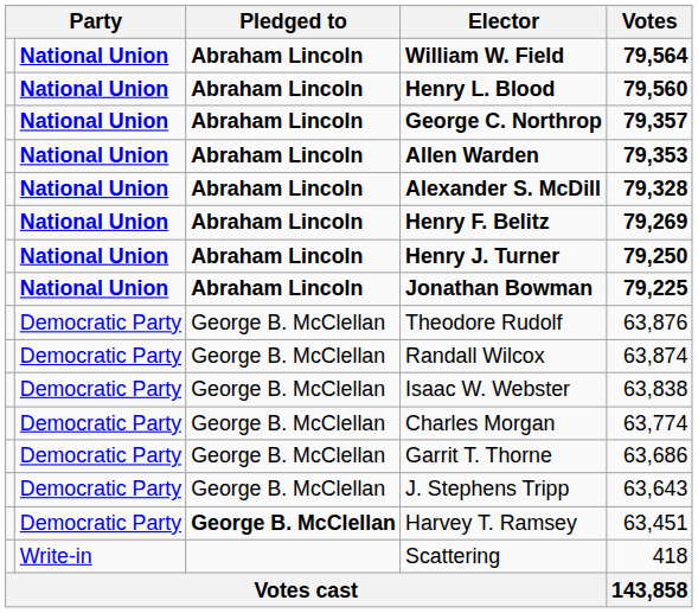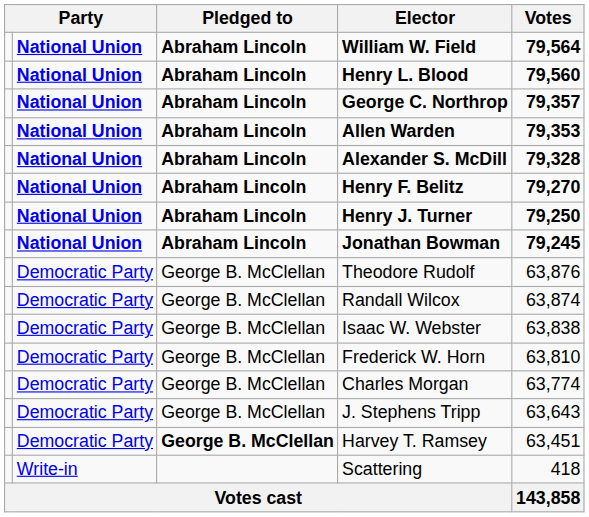 <table class="wikitable">
 <tr>
 <th colspan=2>Party</th>
 <th>Pledged to</th>
 <th>Elector</th>
 <th>Votes</th>
 </tr>
 <tr style="font-weight:bold">
 <td></td>
 <td><a href='#'>National Union</a></td>
 <td>Abraham Lincoln</td>
 <td>William W. Field</td>
 <td align="right">79,564</td>
 </tr>
 <tr style="font-weight:bold">
 <td></td>
 <td><a href='#'>National Union</a></td>
 <td>Abraham Lincoln</td>
 <td>Henry L. Blood</td>
 <td align="right">79,560</td>
 </tr>
 <tr style="font-weight:bold">
 <td></td>
 <td><a href='#'>National Union</a></td>
 <td>Abraham Lincoln</td>
 <td>George C. Northrop</td>
 <td align="right">79,357</td>
 </tr>
 <tr style="font-weight:bold">
 <td></td>
 <td><a href='#'>National Union</a></td>
 <td>Abraham Lincoln</td>
 <td>Allen Warden</td>
 <td align="right">79,353</td>
 </tr>
 <tr style="font-weight:bold">
 <td></td>
 <td><a href='#'>National Union</a></td>
 <td>Abraham Lincoln</td>
 <td>Alexander S. McDill</td>
 <td align="right">79,328</td>
 </tr>
 <tr style="font-weight:bold">
 <td></td>
 <td><a href='#'>National Union</a></td>
 <td>Abraham Lincoln</td>
 <td>Henry F. Belitz</td>
-<td align="right">79,269</td>
+<td align="right">79,270</td>
 </tr>
 <tr style="font-weight:bold">
 <td></td>
 <td><a href='#'>National Union</a></td>
 <td>Abraham Lincoln</td>
 <td>Henry J. Turner</td>
 <td align="right">79,250</td>
 </tr>
 <tr style="font-weight:bold">
 <td></td>
 <td><a href='#'>National Union</a></td>
 <td>Abraham Lincoln</td>
 <td>Jonathan Bowman</td>
-<td align="right">79,225</td>
+<td align="right">79,245</td>
 </tr>
 <tr>
 <td></td>
 <td><a href='#'>Democratic Party</a></td>
 <td>George B. McClellan</td>
 <td>Theodore Rudolf</td>
 <td align="right">63,876</td>
 </tr>
 <tr>
 <td></td>
 <td><a href='#'>Democratic Party</a></td>
 <td>George B. McClellan</td>
 <td>Randall Wilcox</td>
 <td align="right">63,874</td>
 </tr>
 <tr>
 <td></td>
 <td><a href='#'>Democratic Party</a></td>
 <td>George B. McClellan</td>
 <td>Isaac W. Webster</td>
 <td align="right">63,838</td>
 </tr>
 <tr>
 <td></td>
 <td><a href='#'>Democratic Party</a></td>
 <td>George B. McClellan</td>
-<td>Charles Morgan</td>
-<td align="right">63,774</td>
+<td>Frederick W. Horn</td>
+<td align="right">63,810</td>
 </tr>
 <tr>
 <td></td>
 <td><a href='#'>Democratic Party</a></td>
 <td>George B. McClellan</td>
-<td>Garrit T. Thorne</td>
-<td align="right">63,686</td>
+<td>Charles Morgan</td>
+<td align="right">63,774</td>
 </tr>
 <tr>
 <td></td>
 <td><a href='#'>Democratic Party</a></td>
 <td>George B. McClellan</td>
 <td>J. Stephens Tripp</td>
 <td align="right">63,643</td>
 </tr>
 <tr>
 <td></td>
 <td><a href='#'>Democratic Party</a></td>
 <td><strong>George B. McClellan</strong></td>
 <td>Harvey T. Ramsey</td>
 <td align="right">63,451</td>
 </tr>
 <tr>
 <td></td>
 <td><a href='#'>Write-in</a></td>
 <td></td>
 <td>Scattering</td>
 <td align="right">418</td>
 </tr>
 <tr>
 <th colspan="4">Votes cast</th>
 <th>143,858</th>
 </tr>
 </table>
